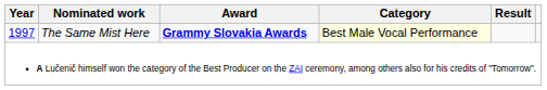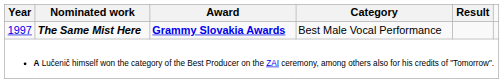 <table class=wikitable>
 <tr>
 <th>Year</th>
 <th>Nominated work</th>
 <th>Award</th>
 <th>Category</th>
 <th>Result</th>
 </tr>
 <tr>
 <td align=center><a href='#'>1997</a></td>
-<td><em>The Same Mist Here</em></td>
+<td><strong><em>The Same Mist Here</em></strong></td>
 <td><strong><a href='#'>Grammy Slovakia Awards</a></strong></td>
-<td style="background: lightyellow;">Best Male Vocal Performance</td>
+<td>Best Male Vocal Performance</td>
 <td></td>
 <td align=center></td>
 </tr>
 <tr>
 <td width=100% colspan=16 style="font-size:9pt; background:#FFFFFF"><br><ul><li><strong>A</strong>  Lučenič himself won the category of the Best Producer on the <a href='#'>ZAI</a> ceremony, among others also for his credits of "Tomorrow".</li></ul></td>
 </tr>
 </table>
